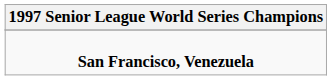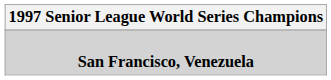 <table class="wikitable" style="text-align: center; margin: 0 auto;">
 <tr>
 <th>1997 Senior League World Series Champions</th>
 </tr>
 <tr>
 </tr>
 <tr>
-<td><br> <strong>San Francisco, Venezuela</strong></td>
+<td style="background: lightgrey;"><br> <strong>San Francisco, Venezuela</strong></td>
 </tr>
 </table>
